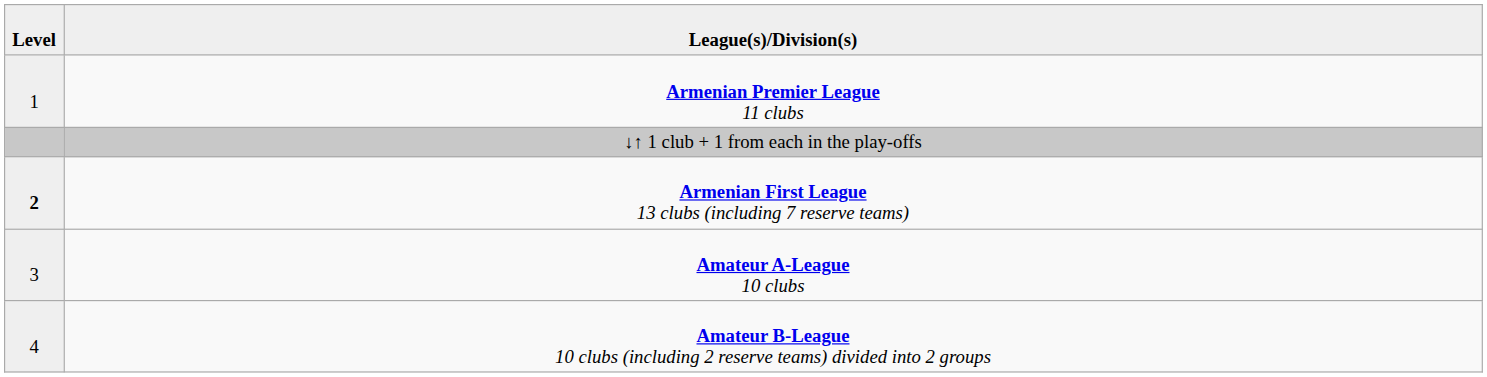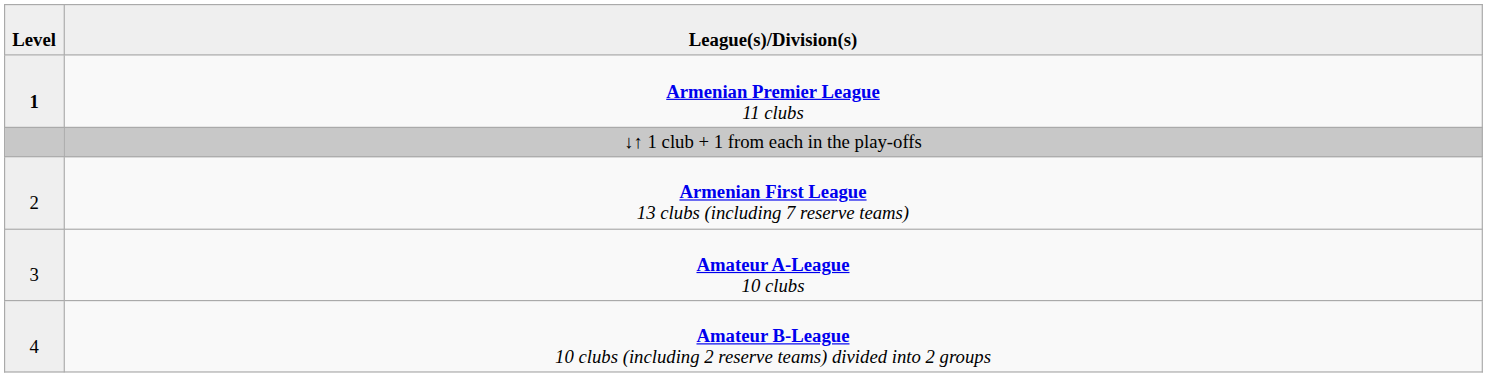 <table class="wikitable" style="text-align:center; width:100%;">
 <tr style="background:#efefef;">
 <td style="width:4%; text-align:center;"><br><strong>Level</strong></td>
 <td colspan="12"  style="width:96%; text-align:center;"><br><strong>League(s)/Division(s)</strong></td>
 </tr>
 <tr>
-<td style="text-align:center; width:4%; background:#efefef;"><br>1</td>
+<td style="text-align:center; width:4%; background:#efefef;"><strong><br>1</strong></td>
 <td colspan="12"  style="width:96%; text-align:center;"><br><strong><a href='#'>Armenian Premier League</a></strong><br> <em>11 clubs</em></td>
 </tr>
 <tr style="background:#c8c8c8">
 <td style="width:4%;"></td>
 <td colspan="9" style="width:96%;">↓↑ 1 club + 1 from each in the play-offs</td>
 </tr>
 <tr>
-<td style="text-align:center; width:4%; background:#efefef;"><strong><br>2</strong></td>
+<td style="text-align:center; width:4%; background:#efefef;"><br>2</td>
 <td colspan="12"  style="width:96%; text-align:center;"><br><strong><a href='#'>Armenian First League</a></strong><br> <em>13 clubs (including 7 reserve teams)</em></td>
 </tr>
 <tr>
 <td style="text-align:center; width:4%; background:#efefef;"><br>3</td>
 <td colspan="12"  style="width:96%; text-align:center;"><br><strong><a href='#'>Amateur A-League</a></strong><br> <em>10 clubs</em></td>
 </tr>
 <tr>
 <td style="text-align:center; width:4%; background:#efefef;"><br>4</td>
 <td colspan="12"  style="width:96%; text-align:center;"><br><strong><a href='#'>Amateur B-League</a></strong><br> <em>10 clubs (including 2 reserve teams) divided into 2 groups</em></td>
 </tr>
 </table>
